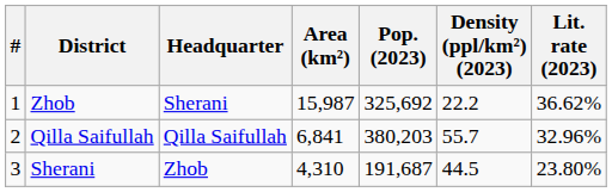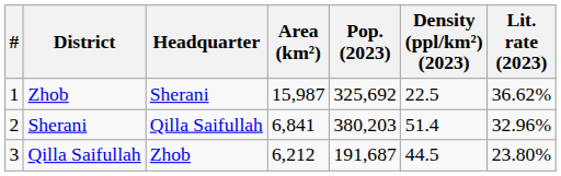 <table class="wikitable sortable">
 <tr>
 <th>#</th>
 <th>District</th>
 <th>Headquarter</th>
 <th>Area<br>(km²)</th>
 <th>Pop.<br>(2023)</th>
 <th>Density<br>(ppl/km²)<br>(2023)</th>
 <th>Lit.<br>rate<br>(2023)</th>
 </tr>
 <tr>
 <td>1</td>
 <td><a href='#'>Zhob</a></td>
 <td><a href='#'>Sherani</a></td>
 <td>15,987</td>
 <td>325,692</td>
-<td>22.2</td>
+<td>22.5</td>
 <td>36.62%</td>
 </tr>
 <tr>
 <td>2</td>
-<td><a href='#'>Qilla Saifullah</a></td>
+<td><a href='#'>Sherani</a></td>
 <td><a href='#'>Qilla Saifullah</a></td>
 <td>6,841</td>
 <td>380,203</td>
-<td>55.7</td>
+<td>51.4</td>
 <td>32.96%</td>
 </tr>
 <tr>
 <td>3</td>
-<td><a href='#'>Sherani</a></td>
+<td><a href='#'>Qilla Saifullah</a></td>
 <td><a href='#'>Zhob</a></td>
-<td>4,310</td>
+<td>6,212</td>
 <td>191,687</td>
 <td>44.5</td>
 <td>23.80%</td>
 </tr>
 </table>
